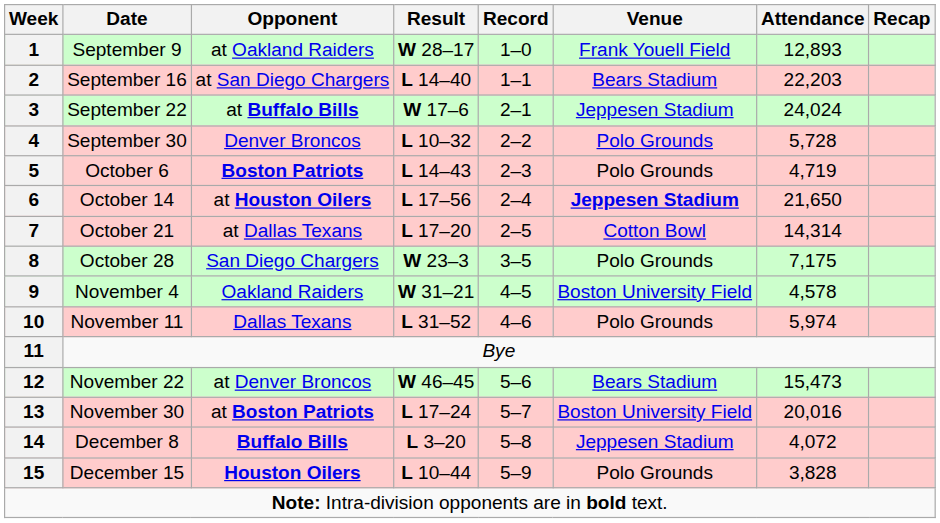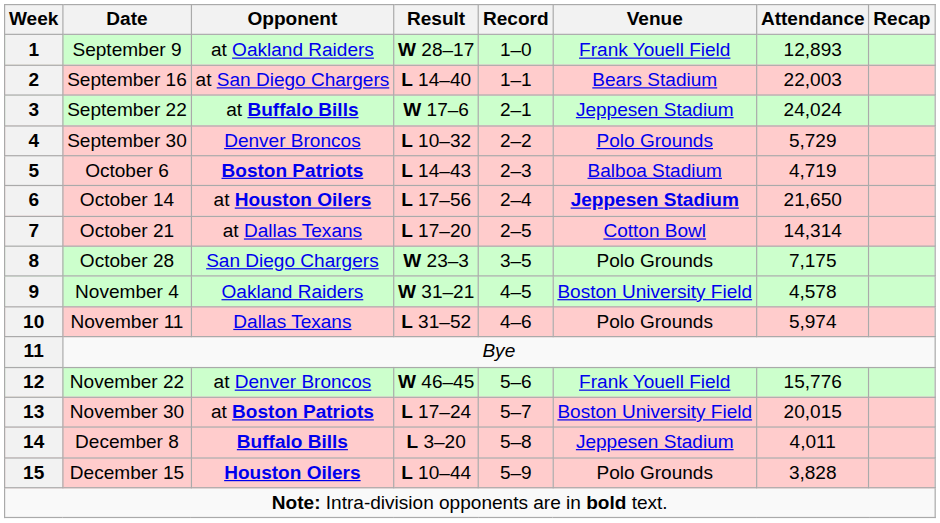 <table class="wikitable" style="text-align:center">
 <tr>
 <th>Week</th>
 <th>Date</th>
 <th>Opponent</th>
 <th>Result</th>
 <th>Record</th>
 <th>Venue</th>
 <th>Attendance</th>
 <th>Recap</th>
 </tr>
 <tr style="background: #cfc;">
 <th>1</th>
 <td>September 9</td>
 <td>at <a href='#'>Oakland Raiders</a></td>
 <td><strong>W</strong> 28–17</td>
 <td>1–0</td>
 <td><a href='#'>Frank Youell Field</a></td>
 <td>12,893</td>
 <td></td>
 </tr>
 <tr style="background: #fcc;">
 <th>2</th>
 <td>September 16</td>
 <td>at <a href='#'>San Diego Chargers</a></td>
 <td><strong>L</strong> 14–40</td>
 <td>1–1</td>
 <td><a href='#'>Bears Stadium</a></td>
-<td>22,203</td>
+<td>22,003</td>
 <td></td>
 </tr>
 <tr style="background: #cfc;">
 <th>3</th>
 <td>September 22</td>
 <td>at <strong><a href='#'>Buffalo Bills</a></strong></td>
 <td><strong>W</strong> 17–6</td>
 <td>2–1</td>
 <td><a href='#'>Jeppesen Stadium</a></td>
 <td>24,024</td>
 <td></td>
 </tr>
 <tr style="background: #fcc;">
 <th>4</th>
 <td>September 30</td>
 <td><a href='#'>Denver Broncos</a></td>
 <td><strong>L</strong> 10–32</td>
 <td>2–2</td>
 <td><a href='#'>Polo Grounds</a></td>
-<td>5,728</td>
+<td>5,729</td>
 <td></td>
 </tr>
 <tr style="background: #fcc;">
 <th>5</th>
 <td>October 6</td>
 <td><strong><a href='#'>Boston Patriots</a></strong></td>
 <td><strong>L</strong> 14–43</td>
 <td>2–3</td>
-<td>Polo Grounds</td>
+<td><a href='#'>Balboa Stadium</a></td>
 <td>4,719</td>
 <td></td>
 </tr>
 <tr style="background: #fcc;">
 <th>6</th>
 <td>October 14</td>
 <td>at <strong><a href='#'>Houston Oilers</a></strong></td>
 <td><strong>L</strong> 17–56</td>
 <td>2–4</td>
 <td><strong><a href='#'>Jeppesen Stadium</a></strong></td>
 <td>21,650</td>
 <td></td>
 </tr>
 <tr style="background: #fcc;">
 <th>7</th>
 <td>October 21</td>
 <td>at <a href='#'>Dallas Texans</a></td>
 <td><strong>L</strong> 17–20</td>
 <td>2–5</td>
 <td><a href='#'>Cotton Bowl</a></td>
 <td>14,314</td>
 <td></td>
 </tr>
 <tr style="background: #cfc;">
 <th>8</th>
 <td>October 28</td>
 <td><a href='#'>San Diego Chargers</a></td>
 <td><strong>W</strong> 23–3</td>
 <td>3–5</td>
 <td>Polo Grounds</td>
 <td>7,175</td>
 <td></td>
 </tr>
 <tr style="background: #cfc;">
 <th>9</th>
 <td>November 4</td>
 <td><a href='#'>Oakland Raiders</a></td>
 <td><strong>W</strong> 31–21</td>
 <td>4–5</td>
 <td><a href='#'>Boston University Field</a></td>
 <td>4,578</td>
 <td></td>
 </tr>
 <tr style="background: #fcc;">
 <th>10</th>
 <td>November 11</td>
 <td><a href='#'>Dallas Texans</a></td>
 <td><strong>L</strong> 31–52</td>
 <td>4–6</td>
 <td>Polo Grounds</td>
 <td>5,974</td>
 <td></td>
 </tr>
 <tr>
 <th>11</th>
 <td align=center colspan=7><em>Bye</em></td>
 </tr>
 <tr style="background: #cfc;">
 <th>12</th>
 <td>November 22</td>
 <td>at <a href='#'>Denver Broncos</a></td>
 <td><strong>W</strong> 46–45</td>
 <td>5–6</td>
-<td><a href='#'>Bears Stadium</a></td>
-<td>15,473</td>
+<td><a href='#'>Frank Youell Field</a></td>
+<td>15,776</td>
 <td></td>
 </tr>
 <tr style="background: #fcc;">
 <th>13</th>
 <td>November 30</td>
 <td>at <strong><a href='#'>Boston Patriots</a></strong></td>
 <td><strong>L</strong> 17–24</td>
 <td>5–7</td>
 <td><a href='#'>Boston University Field</a></td>
-<td>20,016</td>
+<td>20,015</td>
 <td></td>
 </tr>
 <tr style="background: #fcc;">
 <th>14</th>
 <td>December 8</td>
 <td><strong><a href='#'>Buffalo Bills</a></strong></td>
 <td><strong>L</strong> 3–20</td>
 <td>5–8</td>
 <td><a href='#'>Jeppesen Stadium</a></td>
-<td>4,072</td>
+<td>4,011</td>
 <td></td>
 </tr>
 <tr style="background: #fcc;">
 <th>15</th>
 <td>December 15</td>
 <td><strong><a href='#'>Houston Oilers</a></strong></td>
 <td><strong>L</strong> 10–44</td>
 <td>5–9</td>
 <td>Polo Grounds</td>
 <td>3,828</td>
 <td></td>
 </tr>
 <tr>
 <td colspan="8"><strong>Note:</strong> Intra-division opponents are in <strong>bold</strong> text.</td>
 </tr>
 </table>
